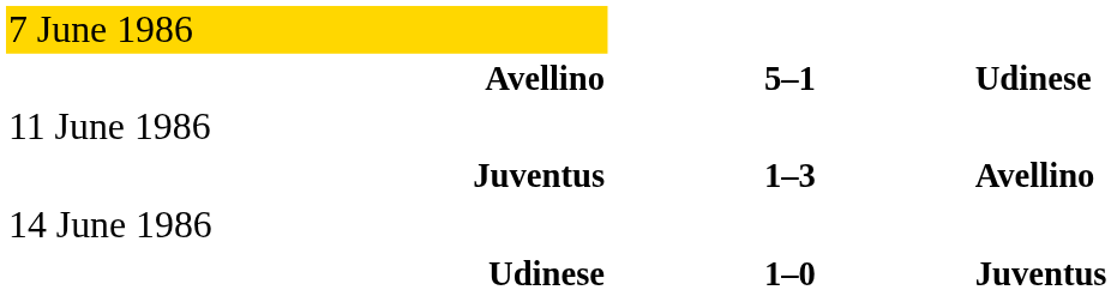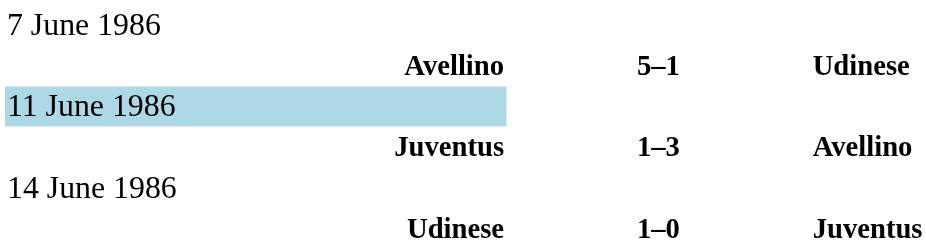 <table width=100% cellspacing=1>
 <tr>
 <th width=20%></th>
 <th width=12%></th>
 <th width=20%></th>
 <th></th>
 </tr>
 <tr>
-<td style="background: gold;">7 June 1986</td>
+<td>7 June 1986</td>
 </tr>
 <tr style=font-size:90%>
 <td align=right><strong>Avellino</strong></td>
 <td align=center><strong>5–1</strong></td>
 <td><strong>Udinese</strong></td>
 </tr>
 <tr>
-<td>11 June 1986</td>
+<td style="background: lightblue;">11 June 1986</td>
 </tr>
 <tr style=font-size:90%>
 <td align=right><strong>Juventus</strong></td>
 <td align=center><strong>1–3</strong></td>
 <td><strong>Avellino</strong></td>
 </tr>
 <tr>
 <td>14 June 1986</td>
 </tr>
 <tr style=font-size:90%>
 <td align=right><strong>Udinese</strong></td>
 <td align=center><strong>1–0</strong></td>
 <td><strong>Juventus</strong></td>
 </tr>
 </table>
